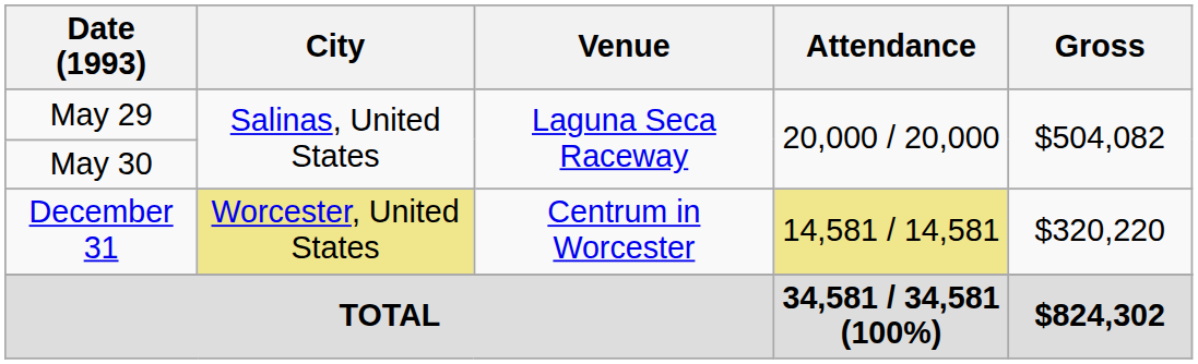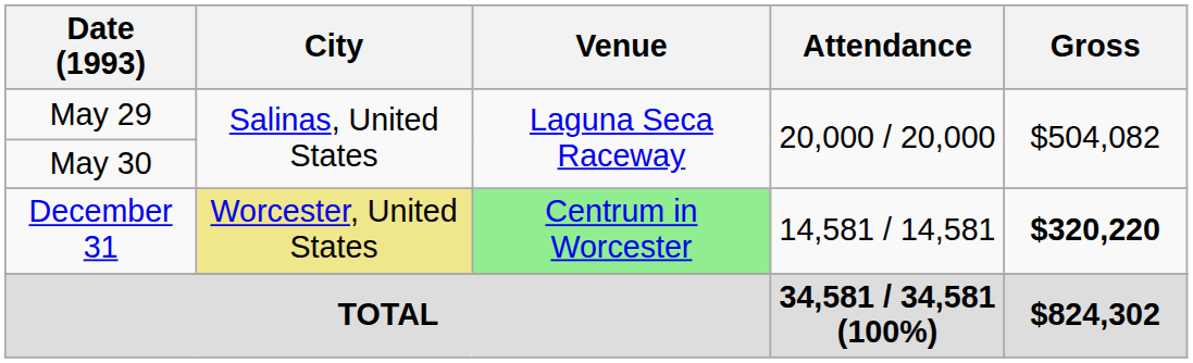 <table class="wikitable plainrowheaders" style="text-align:center;">
 <tr>
 <th scope="col" style="width:7em;">Date<br>(1993)</th>
 <th scope="col" style="width:13em;">City</th>
 <th scope="col" style="width:15em;">Venue</th>
 <th scope="col" style="width:9em;">Attendance</th>
 <th scope="col" style="width:7em;">Gross</th>
 </tr>
 <tr>
 <td>May 29</td>
 <td rowspan="2"><a href='#'>Salinas</a>, United States</td>
 <td rowspan="2"><a href='#'>Laguna Seca Raceway</a></td>
 <td rowspan="2">20,000 / 20,000</td>
 <td rowspan="2">$504,082</td>
 </tr>
 <tr>
 <td>May 30</td>
 </tr>
 <tr>
 <td><a href='#'>December 31</a></td>
 <td style="background: khaki;"><a href='#'>Worcester</a>, United States</td>
-<td><a href='#'>Centrum in Worcester</a></td>
-<td style="background: khaki;">14,581 / 14,581</td>
-<td>$320,220</td>
+<td style="background: lightgreen;"><a href='#'>Centrum in Worcester</a></td>
+<td>14,581 / 14,581</td>
+<td><strong>$320,220</strong></td>
 </tr>
 <tr>
 </tr>
 <tr style="background:#ddd;">
 <td colspan="3"><strong>TOTAL</strong></td>
 <td><strong>34,581 / 34,581 (100%)</strong></td>
 <td><strong>$824,302</strong></td>
 </tr>
 </table>
